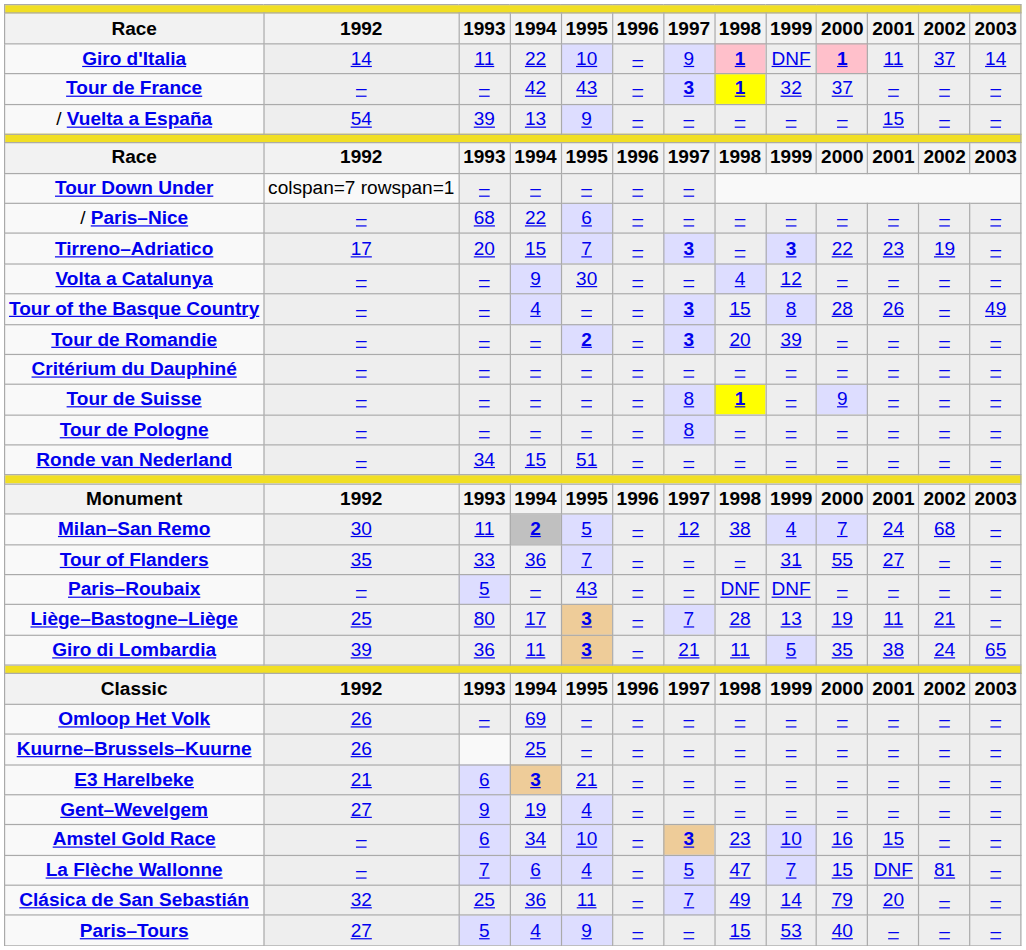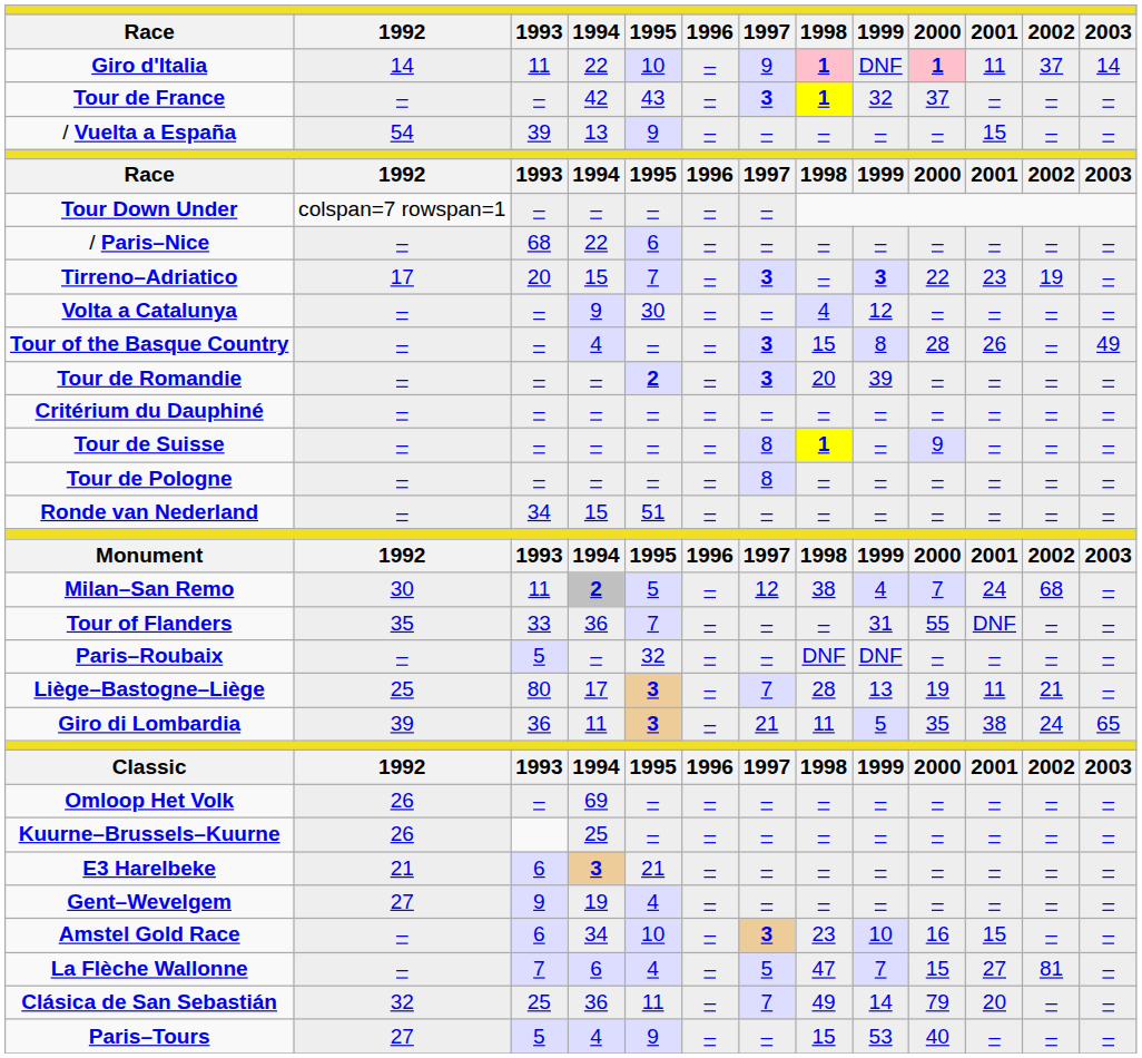 <table class="wikitable">
 <tr style="background:#eee;">
 <td style="background:#F1DF23;" colspan=22><strong></strong></td>
 </tr>
 <tr>
 <th>Race</th>
 <th>1992</th>
 <th>1993</th>
 <th>1994</th>
 <th>1995</th>
 <th>1996</th>
 <th>1997</th>
 <th>1998</th>
 <th>1999</th>
 <th>2000</th>
 <th>2001</th>
 <th>2002</th>
 <th>2003</th>
 </tr>
 <tr align="center">
 <td> <strong><a href='#'>Giro d'Italia</a></strong></td>
 <td style="background:#eee;"><a href='#'>14</a></td>
 <td style="background:#eee;"><a href='#'>11</a></td>
 <td style="background:#eee;"><a href='#'>22</a></td>
 <td style="background:#ddf;"><a href='#'>10</a></td>
 <td style="background:#eee;"><a href='#'>–</a></td>
 <td style="background:#ddf;"><a href='#'>9</a></td>
 <td style="background:pink;"><a href='#'><strong>1</strong></a></td>
 <td style="background:#eee;"><a href='#'>DNF</a></td>
 <td style="background:pink;"><a href='#'><strong>1</strong></a></td>
 <td style="background:#eee;"><a href='#'>11</a></td>
 <td style="background:#eee;"><a href='#'>37</a></td>
 <td style="background:#eee;"><a href='#'>14</a></td>
 </tr>
 <tr align="center">
 <td> <strong><a href='#'>Tour de France</a></strong></td>
 <td style="background:#eee;"><a href='#'>–</a></td>
 <td style="background:#eee;"><a href='#'>–</a></td>
 <td style="background:#eee;"><a href='#'>42</a></td>
 <td style="background:#eee;"><a href='#'>43</a></td>
 <td style="background:#eee;"><a href='#'>–</a></td>
 <td style="background:#ddf;"><a href='#'><strong>3</strong></a></td>
 <td style="background:yellow;"><a href='#'><strong>1</strong></a></td>
 <td style="background:#eee;"><a href='#'>32</a></td>
 <td style="background:#eee;"><a href='#'>37</a></td>
 <td style="background:#eee;"><a href='#'>–</a></td>
 <td style="background:#eee;"><a href='#'>–</a></td>
 <td style="background:#eee;"><a href='#'>–</a></td>
 </tr>
 <tr align="center">
 <td>/ <strong><a href='#'>Vuelta a España</a></strong></td>
 <td style="background:#eee;"><a href='#'>54</a></td>
 <td style="background:#eee;"><a href='#'>39</a></td>
 <td style="background:#eee;"><a href='#'>13</a></td>
 <td style="background:#ddf;"><a href='#'>9</a></td>
 <td style="background:#eee;"><a href='#'>–</a></td>
 <td style="background:#eee;"><a href='#'>–</a></td>
 <td style="background:#eee;"><a href='#'>–</a></td>
 <td style="background:#eee;"><a href='#'>–</a></td>
 <td style="background:#eee;"><a href='#'>–</a></td>
 <td style="background:#eee;"><a href='#'>15</a></td>
 <td style="background:#eee;"><a href='#'>–</a></td>
 <td style="background:#eee;"><a href='#'>–</a></td>
 </tr>
 <tr>
 <td style="background:#F1DF23;" colspan=22><strong></strong></td>
 </tr>
 <tr>
 <th>Race</th>
 <th>1992</th>
 <th>1993</th>
 <th>1994</th>
 <th>1995</th>
 <th>1996</th>
 <th>1997</th>
 <th>1998</th>
 <th>1999</th>
 <th>2000</th>
 <th>2001</th>
 <th>2002</th>
 <th>2003</th>
 </tr>
 <tr align="center">
 <td> <strong><a href='#'>Tour Down Under</a></strong></td>
 <td>colspan=7 rowspan=1 </td>
 <td style="background:#eee;"><a href='#'>–</a></td>
 <td style="background:#eee;"><a href='#'>–</a></td>
 <td style="background:#eee;"><a href='#'>–</a></td>
 <td style="background:#eee;"><a href='#'>–</a></td>
 <td style="background:#eee;"><a href='#'>–</a></td>
 </tr>
 <tr align="center">
 <td>/ <strong><a href='#'>Paris–Nice</a></strong></td>
 <td style="background:#eee;"><a href='#'>–</a></td>
 <td style="background:#eee;"><a href='#'>68</a></td>
 <td style="background:#eee;"><a href='#'>22</a></td>
 <td style="background:#ddf;"><a href='#'>6</a></td>
 <td style="background:#eee;"><a href='#'>–</a></td>
 <td style="background:#eee;"><a href='#'>–</a></td>
 <td style="background:#eee;"><a href='#'>–</a></td>
 <td style="background:#eee;"><a href='#'>–</a></td>
 <td style="background:#eee;"><a href='#'>–</a></td>
 <td style="background:#eee;"><a href='#'>–</a></td>
 <td style="background:#eee;"><a href='#'>–</a></td>
 <td style="background:#eee;"><a href='#'>–</a></td>
 </tr>
 <tr align="center">
 <td> <strong><a href='#'>Tirreno–Adriatico</a></strong></td>
 <td style="background:#eee;"><a href='#'>17</a></td>
 <td style="background:#eee;"><a href='#'>20</a></td>
 <td style="background:#eee;"><a href='#'>15</a></td>
 <td style="background:#ddf;"><a href='#'>7</a></td>
 <td style="background:#eee;"><a href='#'>–</a></td>
 <td style="background:#ddf;"><a href='#'><strong>3</strong></a></td>
 <td style="background:#eee;"><a href='#'>–</a></td>
 <td style="background:#ddf;"><a href='#'><strong>3</strong></a></td>
 <td style="background:#eee;"><a href='#'>22</a></td>
 <td style="background:#eee;"><a href='#'>23</a></td>
 <td style="background:#eee;"><a href='#'>19</a></td>
 <td style="background:#eee;"><a href='#'>–</a></td>
 </tr>
 <tr align="center">
 <td> <strong><a href='#'>Volta a Catalunya</a></strong></td>
 <td style="background:#eee;"><a href='#'>–</a></td>
 <td style="background:#eee;"><a href='#'>–</a></td>
 <td style="background:#ddf;"><a href='#'>9</a></td>
 <td style="background:#eee;"><a href='#'>30</a></td>
 <td style="background:#eee;"><a href='#'>–</a></td>
 <td style="background:#eee;"><a href='#'>–</a></td>
 <td style="background:#ddf;"><a href='#'>4</a></td>
 <td style="background:#eee;"><a href='#'>12</a></td>
 <td style="background:#eee;"><a href='#'>–</a></td>
 <td style="background:#eee;"><a href='#'>–</a></td>
 <td style="background:#eee;"><a href='#'>–</a></td>
 <td style="background:#eee;"><a href='#'>–</a></td>
 </tr>
 <tr align="center">
 <td> <strong><a href='#'>Tour of the Basque Country</a></strong></td>
 <td style="background:#eee;"><a href='#'>–</a></td>
 <td style="background:#eee;"><a href='#'>–</a></td>
 <td style="background:#ddf;"><a href='#'>4</a></td>
 <td style="background:#eee;"><a href='#'>–</a></td>
 <td style="background:#eee;"><a href='#'>–</a></td>
 <td style="background:#ddf;"><a href='#'><strong>3</strong></a></td>
 <td style="background:#eee;"><a href='#'>15</a></td>
 <td style="background:#ddf;"><a href='#'>8</a></td>
 <td style="background:#eee;"><a href='#'>28</a></td>
 <td style="background:#eee;"><a href='#'>26</a></td>
 <td style="background:#eee;"><a href='#'>–</a></td>
 <td style="background:#eee;"><a href='#'>49</a></td>
 </tr>
 <tr align="center">
 <td> <strong><a href='#'>Tour de Romandie</a></strong></td>
 <td style="background:#eee;"><a href='#'>–</a></td>
 <td style="background:#eee;"><a href='#'>–</a></td>
 <td style="background:#eee;"><a href='#'>–</a></td>
 <td style="background:#ddf;"><a href='#'><strong>2</strong></a></td>
 <td style="background:#eee;"><a href='#'>–</a></td>
 <td style="background:#ddf;"><a href='#'><strong>3</strong></a></td>
 <td style="background:#eee;"><a href='#'>20</a></td>
 <td style="background:#eee;"><a href='#'>39</a></td>
 <td style="background:#eee;"><a href='#'>–</a></td>
 <td style="background:#eee;"><a href='#'>–</a></td>
 <td style="background:#eee;"><a href='#'>–</a></td>
 <td style="background:#eee;"><a href='#'>–</a></td>
 </tr>
 <tr align="center">
 <td> <strong><a href='#'>Critérium du Dauphiné</a></strong></td>
 <td style="background:#eee;"><a href='#'>–</a></td>
 <td style="background:#eee;"><a href='#'>–</a></td>
 <td style="background:#eee;"><a href='#'>–</a></td>
 <td style="background:#eee;"><a href='#'>–</a></td>
 <td style="background:#eee;"><a href='#'>–</a></td>
 <td style="background:#eee;"><a href='#'>–</a></td>
 <td style="background:#eee;"><a href='#'>–</a></td>
 <td style="background:#eee;"><a href='#'>–</a></td>
 <td style="background:#eee;"><a href='#'>–</a></td>
 <td style="background:#eee;"><a href='#'>–</a></td>
 <td style="background:#eee;"><a href='#'>–</a></td>
 <td style="background:#eee;"><a href='#'>–</a></td>
 </tr>
 <tr align="center">
 <td><strong><a href='#'>Tour de Suisse</a></strong></td>
 <td style="background:#eee;"><a href='#'>–</a></td>
 <td style="background:#eee;"><a href='#'>–</a></td>
 <td style="background:#eee;"><a href='#'>–</a></td>
 <td style="background:#eee;"><a href='#'>–</a></td>
 <td style="background:#eee;"><a href='#'>–</a></td>
 <td style="background:#ddf;"><a href='#'>8</a></td>
 <td style="background:yellow;"><a href='#'><strong>1</strong></a></td>
 <td style="background:#eee;"><a href='#'>–</a></td>
 <td style="background:#ddf;"><a href='#'>9</a></td>
 <td style="background:#eee;"><a href='#'>–</a></td>
 <td style="background:#eee;"><a href='#'>–</a></td>
 <td style="background:#eee;"><a href='#'>–</a></td>
 </tr>
 <tr align="center">
 <td><strong><a href='#'>Tour de Pologne</a></strong></td>
 <td style="background:#eee;"><a href='#'>–</a></td>
 <td style="background:#eee;"><a href='#'>–</a></td>
 <td style="background:#eee;"><a href='#'>–</a></td>
 <td style="background:#eee;"><a href='#'>–</a></td>
 <td style="background:#eee;"><a href='#'>–</a></td>
 <td style="background:#ddf;"><a href='#'>8</a></td>
 <td style="background:#eee;"><a href='#'>–</a></td>
 <td style="background:#eee;"><a href='#'>–</a></td>
 <td style="background:#eee;"><a href='#'>–</a></td>
 <td style="background:#eee;"><a href='#'>–</a></td>
 <td style="background:#eee;"><a href='#'>–</a></td>
 <td style="background:#eee;"><a href='#'>–</a></td>
 </tr>
 <tr align="center">
 <td><strong><a href='#'>Ronde van Nederland</a></strong></td>
 <td style="background:#eee;"><a href='#'>–</a></td>
 <td style="background:#eee;"><a href='#'>34</a></td>
 <td style="background:#eee;"><a href='#'>15</a></td>
 <td style="background:#eee;"><a href='#'>51</a></td>
 <td style="background:#eee;"><a href='#'>–</a></td>
 <td style="background:#eee;"><a href='#'>–</a></td>
 <td style="background:#eee;"><a href='#'>–</a></td>
 <td style="background:#eee;"><a href='#'>–</a></td>
 <td style="background:#eee;"><a href='#'>–</a></td>
 <td style="background:#eee;"><a href='#'>–</a></td>
 <td style="background:#eee;"><a href='#'>–</a></td>
 <td style="background:#eee;"><a href='#'>–</a></td>
 </tr>
 <tr>
 <td style="background:#F1DF23;" colspan=22><strong></strong></td>
 </tr>
 <tr>
 <th>Monument</th>
 <th>1992</th>
 <th>1993</th>
 <th>1994</th>
 <th>1995</th>
 <th>1996</th>
 <th>1997</th>
 <th>1998</th>
 <th>1999</th>
 <th>2000</th>
 <th>2001</th>
 <th>2002</th>
 <th>2003</th>
 </tr>
 <tr align="center">
 <td><strong><a href='#'>Milan–San Remo</a></strong></td>
 <td style="background:#eee;"><a href='#'>30</a></td>
 <td style="background:#eee;"><a href='#'>11</a></td>
 <td style="background:silver;"><a href='#'><strong>2</strong></a></td>
 <td style="background:#ddf;"><a href='#'>5</a></td>
 <td style="background:#eee;"><a href='#'>–</a></td>
 <td style="background:#eee;"><a href='#'>12</a></td>
 <td style="background:#eee;"><a href='#'>38</a></td>
 <td style="background:#ddf;"><a href='#'>4</a></td>
 <td style="background:#ddf;"><a href='#'>7</a></td>
 <td style="background:#eee;"><a href='#'>24</a></td>
 <td style="background:#eee;"><a href='#'>68</a></td>
 <td style="background:#eee;"><a href='#'>–</a></td>
 </tr>
 <tr align="center">
 <td><strong><a href='#'>Tour of Flanders</a></strong></td>
 <td style="background:#eee;"><a href='#'>35</a></td>
 <td style="background:#eee;"><a href='#'>33</a></td>
 <td style="background:#eee;"><a href='#'>36</a></td>
 <td style="background:#ddf;"><a href='#'>7</a></td>
 <td style="background:#eee;"><a href='#'>–</a></td>
 <td style="background:#eee;"><a href='#'>–</a></td>
 <td style="background:#eee;"><a href='#'>–</a></td>
 <td style="background:#eee;"><a href='#'>31</a></td>
 <td style="background:#eee;"><a href='#'>55</a></td>
-<td style="background:#eee;"><a href='#'>27</a></td>
+<td style="background:#eee;"><a href='#'>DNF</a></td>
 <td style="background:#eee;"><a href='#'>–</a></td>
 <td style="background:#eee;"><a href='#'>–</a></td>
 </tr>
 <tr align="center">
 <td><strong><a href='#'>Paris–Roubaix</a></strong></td>
 <td style="background:#eee;"><a href='#'>–</a></td>
 <td style="background:#ddf;"><a href='#'>5</a></td>
 <td style="background:#eee;"><a href='#'>–</a></td>
-<td style="background:#eee;"><a href='#'>43</a></td>
+<td style="background:#eee;"><a href='#'>32</a></td>
 <td style="background:#eee;"><a href='#'>–</a></td>
 <td style="background:#eee;"><a href='#'>–</a></td>
 <td style="background:#eee;"><a href='#'>DNF</a></td>
 <td style="background:#eee;"><a href='#'>DNF</a></td>
 <td style="background:#eee;"><a href='#'>–</a></td>
 <td style="background:#eee;"><a href='#'>–</a></td>
 <td style="background:#eee;"><a href='#'>–</a></td>
 <td style="background:#eee;"><a href='#'>–</a></td>
 </tr>
 <tr align="center">
 <td><strong><a href='#'>Liège–Bastogne–Liège</a></strong></td>
 <td style="background:#eee;"><a href='#'>25</a></td>
 <td style="background:#eee;"><a href='#'>80</a></td>
 <td style="background:#eee;"><a href='#'>17</a></td>
 <td style="background:#ec9;"><a href='#'><strong>3</strong></a></td>
 <td style="background:#eee;"><a href='#'>–</a></td>
 <td style="background:#ddf;"><a href='#'>7</a></td>
 <td style="background:#eee;"><a href='#'>28</a></td>
 <td style="background:#eee;"><a href='#'>13</a></td>
 <td style="background:#eee;"><a href='#'>19</a></td>
 <td style="background:#eee;"><a href='#'>11</a></td>
 <td style="background:#eee;"><a href='#'>21</a></td>
 <td style="background:#eee;"><a href='#'>–</a></td>
 </tr>
 <tr align="center">
 <td><strong><a href='#'>Giro di Lombardia</a></strong></td>
 <td style="background:#eee;"><a href='#'>39</a></td>
 <td style="background:#eee;"><a href='#'>36</a></td>
 <td style="background:#eee;"><a href='#'>11</a></td>
 <td style="background:#ec9;"><a href='#'><strong>3</strong></a></td>
 <td style="background:#eee;"><a href='#'>–</a></td>
 <td style="background:#eee;"><a href='#'>21</a></td>
 <td style="background:#eee;"><a href='#'>11</a></td>
 <td style="background:#ddf;"><a href='#'>5</a></td>
 <td style="background:#eee;"><a href='#'>35</a></td>
 <td style="background:#eee;"><a href='#'>38</a></td>
 <td style="background:#eee;"><a href='#'>24</a></td>
 <td style="background:#eee;"><a href='#'>65</a></td>
 </tr>
 <tr>
 <td style="background:#F1DF23;" colspan=22><strong></strong></td>
 </tr>
 <tr>
 <th>Classic</th>
 <th>1992</th>
 <th>1993</th>
 <th>1994</th>
 <th>1995</th>
 <th>1996</th>
 <th>1997</th>
 <th>1998</th>
 <th>1999</th>
 <th>2000</th>
 <th>2001</th>
 <th>2002</th>
 <th>2003</th>
 </tr>
 <tr align="center">
 <td><strong><a href='#'>Omloop Het Volk</a></strong></td>
 <td style="background:#eee;"><a href='#'>26</a></td>
 <td style="background:#eee;"><a href='#'>–</a></td>
 <td style="background:#eee;"><a href='#'>69</a></td>
 <td style="background:#eee;"><a href='#'>–</a></td>
 <td style="background:#eee;"><a href='#'>–</a></td>
 <td style="background:#eee;"><a href='#'>–</a></td>
 <td style="background:#eee;"><a href='#'>–</a></td>
 <td style="background:#eee;"><a href='#'>–</a></td>
 <td style="background:#eee;"><a href='#'>–</a></td>
 <td style="background:#eee;"><a href='#'>–</a></td>
 <td style="background:#eee;"><a href='#'>–</a></td>
 <td style="background:#eee;"><a href='#'>–</a></td>
 </tr>
 <tr align="center">
 <td><strong><a href='#'>Kuurne–Brussels–Kuurne</a></strong></td>
 <td style="background:#eee;"><a href='#'>26</a></td>
 <td></td>
 <td style="background:#eee;"><a href='#'>25</a></td>
 <td style="background:#eee;"><a href='#'>–</a></td>
 <td style="background:#eee;"><a href='#'>–</a></td>
 <td style="background:#eee;"><a href='#'>–</a></td>
 <td style="background:#eee;"><a href='#'>–</a></td>
 <td style="background:#eee;"><a href='#'>–</a></td>
 <td style="background:#eee;"><a href='#'>–</a></td>
 <td style="background:#eee;"><a href='#'>–</a></td>
 <td style="background:#eee;"><a href='#'>–</a></td>
 <td style="background:#eee;"><a href='#'>–</a></td>
 </tr>
 <tr align="center">
 <td><strong><a href='#'>E3 Harelbeke</a></strong></td>
 <td style="background:#eee;"><a href='#'>21</a></td>
 <td style="background:#ddf;"><a href='#'>6</a></td>
 <td style="background:#ec9;"><a href='#'><strong>3</strong></a></td>
 <td style="background:#eee;"><a href='#'>21</a></td>
 <td style="background:#eee;"><a href='#'>–</a></td>
 <td style="background:#eee;"><a href='#'>–</a></td>
 <td style="background:#eee;"><a href='#'>–</a></td>
 <td style="background:#eee;"><a href='#'>–</a></td>
 <td style="background:#eee;"><a href='#'>–</a></td>
 <td style="background:#eee;"><a href='#'>–</a></td>
 <td style="background:#eee;"><a href='#'>–</a></td>
 <td style="background:#eee;"><a href='#'>–</a></td>
 </tr>
 <tr align="center">
 <td><strong><a href='#'>Gent–Wevelgem</a></strong></td>
 <td style="background:#eee;"><a href='#'>27</a></td>
 <td style="background:#ddf;"><a href='#'>9</a></td>
 <td style="background:#eee;"><a href='#'>19</a></td>
 <td style="background:#ddf;"><a href='#'>4</a></td>
 <td style="background:#eee;"><a href='#'>–</a></td>
 <td style="background:#eee;"><a href='#'>–</a></td>
 <td style="background:#eee;"><a href='#'>–</a></td>
 <td style="background:#eee;"><a href='#'>–</a></td>
 <td style="background:#eee;"><a href='#'>–</a></td>
 <td style="background:#eee;"><a href='#'>–</a></td>
 <td style="background:#eee;"><a href='#'>–</a></td>
 <td style="background:#eee;"><a href='#'>–</a></td>
 </tr>
 <tr align="center">
 <td><strong><a href='#'>Amstel Gold Race</a></strong></td>
 <td style="background:#eee;"><a href='#'>–</a></td>
 <td style="background:#ddf;"><a href='#'>6</a></td>
 <td style="background:#eee;"><a href='#'>34</a></td>
 <td style="background:#ddf;"><a href='#'>10</a></td>
 <td style="background:#eee;"><a href='#'>–</a></td>
 <td style="background:#ec9;"><a href='#'><strong>3</strong></a></td>
 <td style="background:#eee;"><a href='#'>23</a></td>
 <td style="background:#ddf;"><a href='#'>10</a></td>
 <td style="background:#eee;"><a href='#'>16</a></td>
 <td style="background:#eee;"><a href='#'>15</a></td>
 <td style="background:#eee;"><a href='#'>–</a></td>
 <td style="background:#eee;"><a href='#'>–</a></td>
 </tr>
 <tr align="center">
 <td><strong><a href='#'>La Flèche Wallonne</a></strong></td>
 <td style="background:#eee;"><a href='#'>–</a></td>
 <td style="background:#ddf;"><a href='#'>7</a></td>
 <td style="background:#ddf;"><a href='#'>6</a></td>
 <td style="background:#ddf;"><a href='#'>4</a></td>
 <td style="background:#eee;"><a href='#'>–</a></td>
 <td style="background:#ddf;"><a href='#'>5</a></td>
 <td style="background:#eee;"><a href='#'>47</a></td>
 <td style="background:#ddf;"><a href='#'>7</a></td>
 <td style="background:#eee;"><a href='#'>15</a></td>
-<td style="background:#eee;"><a href='#'>DNF</a></td>
+<td style="background:#eee;"><a href='#'>27</a></td>
 <td style="background:#eee;"><a href='#'>81</a></td>
 <td style="background:#eee;"><a href='#'>–</a></td>
 </tr>
 <tr align="center">
 <td><strong><a href='#'>Clásica de San Sebastián</a></strong></td>
 <td style="background:#eee;"><a href='#'>32</a></td>
 <td style="background:#eee;"><a href='#'>25</a></td>
 <td style="background:#eee;"><a href='#'>36</a></td>
 <td style="background:#eee;"><a href='#'>11</a></td>
 <td style="background:#eee;"><a href='#'>–</a></td>
 <td style="background:#ddf;"><a href='#'>7</a></td>
 <td style="background:#eee;"><a href='#'>49</a></td>
 <td style="background:#eee;"><a href='#'>14</a></td>
 <td style="background:#eee;"><a href='#'>79</a></td>
 <td style="background:#eee;"><a href='#'>20</a></td>
 <td style="background:#eee;"><a href='#'>–</a></td>
 <td style="background:#eee;"><a href='#'>–</a></td>
 </tr>
 <tr align="center">
 <td><strong><a href='#'>Paris–Tours</a></strong></td>
 <td style="background:#eee;"><a href='#'>27</a></td>
 <td style="background:#ddf;"><a href='#'>5</a></td>
 <td style="background:#ddf;"><a href='#'>4</a></td>
 <td style="background:#ddf;"><a href='#'>9</a></td>
 <td style="background:#eee;"><a href='#'>–</a></td>
 <td style="background:#eee;"><a href='#'>–</a></td>
 <td style="background:#eee;"><a href='#'>15</a></td>
 <td style="background:#eee;"><a href='#'>53</a></td>
 <td style="background:#eee;"><a href='#'>40</a></td>
 <td style="background:#eee;"><a href='#'>–</a></td>
 <td style="background:#eee;"><a href='#'>–</a></td>
 <td style="background:#eee;"><a href='#'>–</a></td>
 </tr>
 </table>
